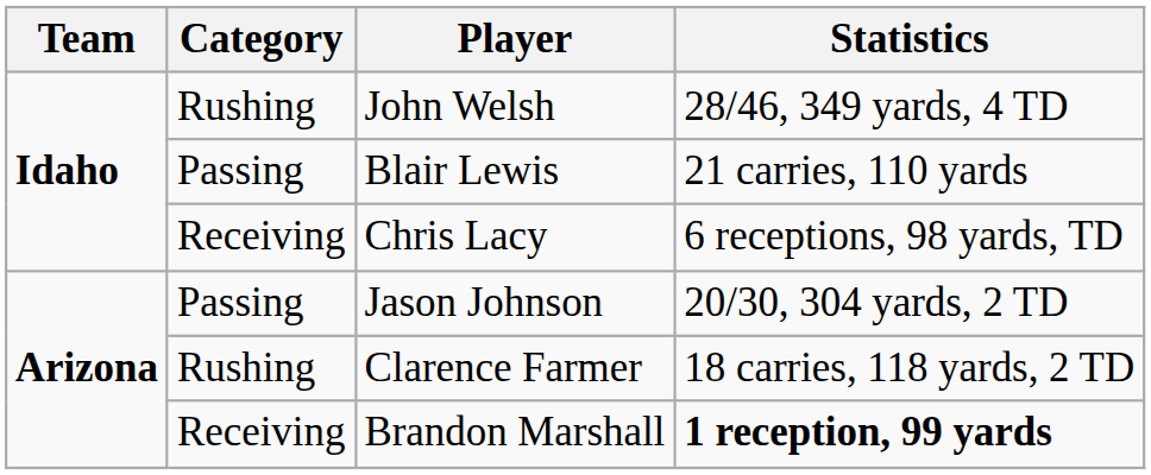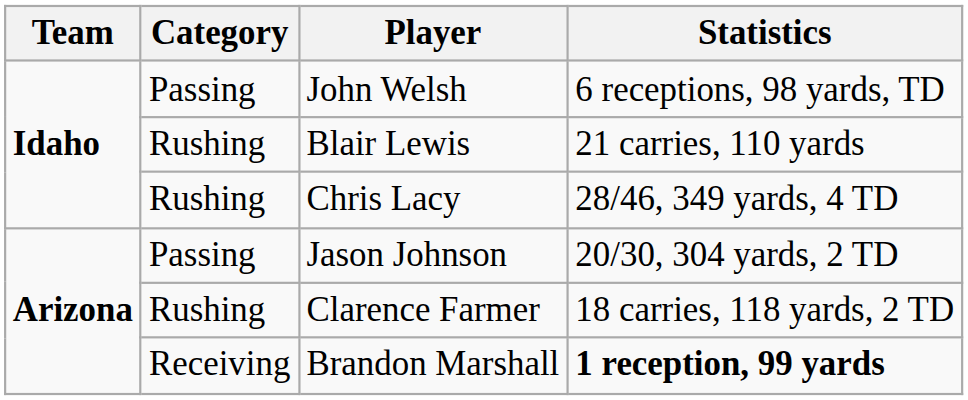 <table class="wikitable" style="float: right;">
 <tr>
 <th>Team</th>
 <th>Category</th>
 <th>Player</th>
 <th>Statistics</th>
 </tr>
 <tr>
 <td rowspan=3><strong>Idaho</strong></td>
-<td>Rushing</td>
+<td>Passing</td>
 <td>John Welsh</td>
-<td>28/46, 349 yards, 4 TD</td>
+<td>6 receptions, 98 yards, TD</td>
 </tr>
 <tr>
-<td>Passing</td>
+<td>Rushing</td>
 <td>Blair Lewis</td>
 <td>21 carries, 110 yards</td>
 </tr>
 <tr>
-<td>Receiving</td>
+<td>Rushing</td>
 <td>Chris Lacy</td>
-<td>6 receptions, 98 yards, TD</td>
+<td>28/46, 349 yards, 4 TD</td>
 </tr>
 <tr>
 <td rowspan=3><strong>Arizona</strong></td>
 <td>Passing</td>
 <td>Jason Johnson</td>
 <td>20/30, 304 yards, 2 TD</td>
 </tr>
 <tr>
 <td>Rushing</td>
 <td>Clarence Farmer</td>
 <td>18 carries, 118 yards, 2 TD</td>
 </tr>
 <tr>
 <td>Receiving</td>
 <td>Brandon Marshall</td>
 <td><strong>1 reception, 99 yards</strong></td>
 </tr>
 </table>
